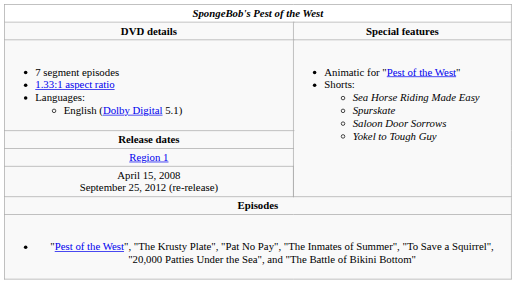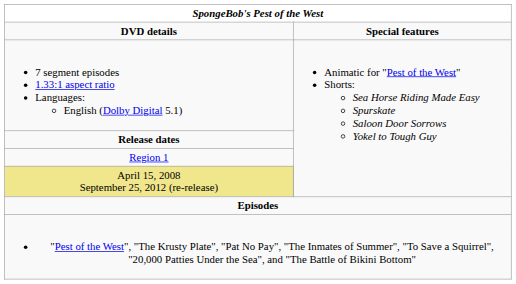 <table class="wikitable" style="font-size: 95%;">
 <tr style="background:#FFF; color:#000;">
 <td colspan="4" align="center"><strong><em>SpongeBob's Pest of the West</em></strong></td>
 </tr>
 <tr valign="top">
 <td style="text-align:center; width:400px;" colspan="3"><strong>DVD details</strong></td>
 <td style="width:300px; text-align:center;"><strong>Special features</strong></td>
 </tr>
 <tr valign="top">
 <td colspan="3" style="text-align:left; width:400px;"><br><ul><li>7 segment episodes</li><li><a href='#'>1.33:1 aspect ratio</a></li><li>Languages:<ul><li>English (<a href='#'>Dolby Digital</a> 5.1)</li></ul></li></ul></td>
 <td rowspan="4" style="text-align:left; width:300px;"><br><ul><li>Animatic for "<a href='#'>Pest of the West</a>"</li><li>Shorts:<ul><li><em>Sea Horse Riding Made Easy</em></li><li><em>Spurskate</em></li><li><em>Saloon Door Sorrows</em></li><li><em>Yokel to Tough Guy</em></li></ul></li></ul></td>
 </tr>
 <tr>
 <td colspan="3" style="text-align:center;"><strong>Release dates</strong></td>
 </tr>
 <tr>
 <td colspan="3" style="text-align:center;"><a href='#'>Region 1</a></td>
 </tr>
 <tr style="text-align:center;">
-<td>April 15, 2008<br>September 25, 2012 (re-release)</td>
+<td style="background: khaki;">April 15, 2008<br>September 25, 2012 (re-release)</td>
 </tr>
 <tr>
 <td style="text-align:center; width:400px;" colspan="4"><strong>Episodes</strong></td>
 </tr>
 <tr>
 <td style="text-align:center; width:400px;" colspan="4"><br><ul><li>"<a href='#'>Pest of the West</a>", "The Krusty Plate", "Pat No Pay", "The Inmates of Summer", "To Save a Squirrel", "20,000 Patties Under the Sea", and "The Battle of Bikini Bottom"</li></ul></td>
 </tr>
 </table>
